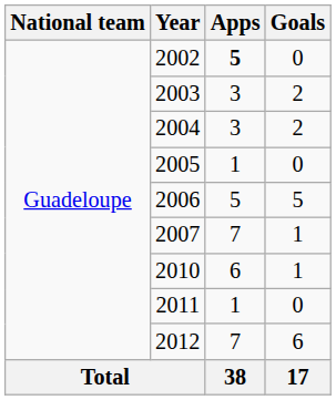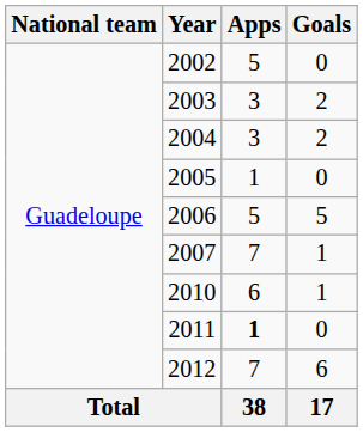 <table class="wikitable" style="text-align:center">
 <tr>
 <th>National team</th>
 <th>Year</th>
 <th>Apps</th>
 <th>Goals</th>
 </tr>
 <tr>
 <td rowspan="9"><a href='#'>Guadeloupe</a></td>
 <td>2002</td>
-<td><strong>5</strong></td>
+<td>5</td>
 <td>0</td>
 </tr>
 <tr>
 <td>2003</td>
 <td>3</td>
 <td>2</td>
 </tr>
 <tr>
 <td>2004</td>
 <td>3</td>
 <td>2</td>
 </tr>
 <tr>
 <td>2005</td>
 <td>1</td>
 <td>0</td>
 </tr>
 <tr>
 <td>2006</td>
 <td>5</td>
 <td>5</td>
 </tr>
 <tr>
 <td>2007</td>
 <td>7</td>
 <td>1</td>
 </tr>
 <tr>
 <td>2010</td>
 <td>6</td>
 <td>1</td>
 </tr>
 <tr>
 <td>2011</td>
-<td>1</td>
+<td><strong>1</strong></td>
 <td>0</td>
 </tr>
 <tr>
 <td>2012</td>
 <td>7</td>
 <td>6</td>
 </tr>
 <tr>
 <th colspan="2">Total</th>
 <th>38</th>
 <th>17</th>
 </tr>
 </table>
